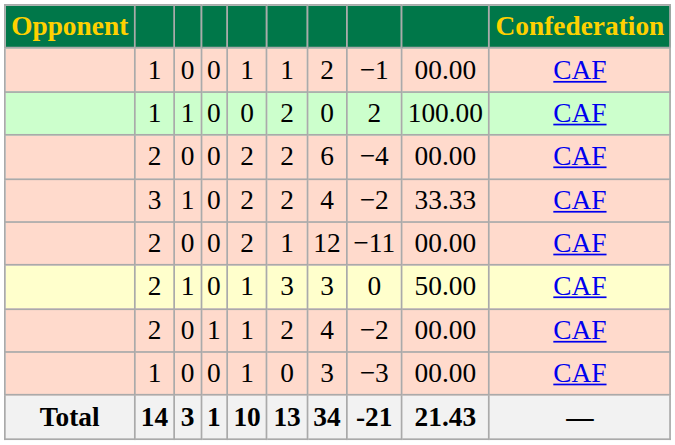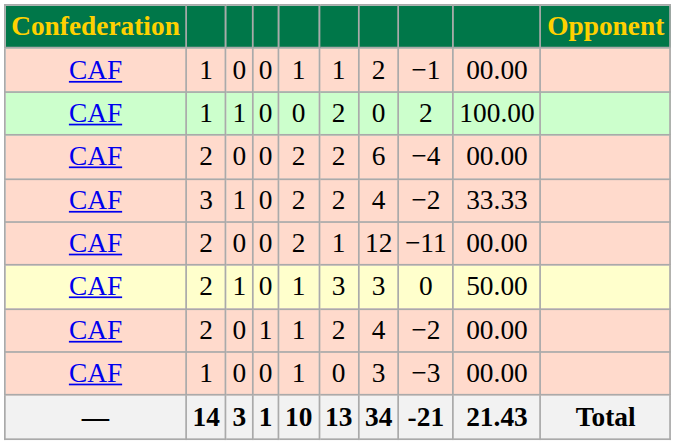 <table class="wikitable sortable" style="text-align:center;">
 <tr style="color:#FFD100">
-<th style="background-color:#007749;color:#FFD100">Opponent</th>
+<th style="background-color:#007749;color:#FFD100">Confederation</th>
 <th style="background-color:#007749;"></th>
 <th style="background-color:#007749;"></th>
 <th style="background-color:#007749;"></th>
 <th style="background-color:#007749;"></th>
 <th style="background-color:#007749;"></th>
 <th style="background-color:#007749;"></th>
 <th style="background-color:#007749;"></th>
 <th style="background-color:#007749;"></th>
-<th style="background-color:#007749;color:#FFD100">Confederation</th>
+<th style="background-color:#007749;color:#FFD100">Opponent</th>
 </tr>
 <tr bgcolor=FFDACC>
-<td style="text-align:left;"></td>
+<td><a href='#'>CAF</a></td>
 <td>1</td>
 <td>0</td>
 <td>0</td>
 <td>1</td>
 <td>1</td>
 <td>2</td>
 <td>−1</td>
 <td>00.00</td>
-<td><a href='#'>CAF</a></td>
+<td style="text-align:left;"></td>
 </tr>
 <tr bgcolor=CCFFCC>
-<td style="text-align:left;"></td>
+<td><a href='#'>CAF</a></td>
 <td>1</td>
 <td>1</td>
 <td>0</td>
 <td>0</td>
 <td>2</td>
 <td>0</td>
 <td>2</td>
 <td>100.00</td>
-<td><a href='#'>CAF</a></td>
+<td style="text-align:left;"></td>
 </tr>
 <tr bgcolor=FFDACC>
-<td style="text-align:left;"></td>
+<td><a href='#'>CAF</a></td>
 <td>2</td>
 <td>0</td>
 <td>0</td>
 <td>2</td>
 <td>2</td>
 <td>6</td>
 <td>−4</td>
 <td>00.00</td>
-<td><a href='#'>CAF</a></td>
+<td style="text-align:left;"></td>
 </tr>
 <tr bgcolor=FFDACC>
-<td style="text-align:left;"></td>
+<td><a href='#'>CAF</a></td>
 <td>3</td>
 <td>1</td>
 <td>0</td>
 <td>2</td>
 <td>2</td>
 <td>4</td>
 <td>−2</td>
 <td>33.33</td>
-<td><a href='#'>CAF</a></td>
+<td style="text-align:left;"></td>
 </tr>
 <tr bgcolor=FFDACC>
-<td style="text-align:left;"></td>
+<td><a href='#'>CAF</a></td>
 <td>2</td>
 <td>0</td>
 <td>0</td>
 <td>2</td>
 <td>1</td>
 <td>12</td>
 <td>−11</td>
 <td>00.00</td>
-<td><a href='#'>CAF</a></td>
+<td style="text-align:left;"></td>
 </tr>
 <tr bgcolor=FFFFCC>
-<td style="text-align:left;"></td>
+<td><a href='#'>CAF</a></td>
 <td>2</td>
 <td>1</td>
 <td>0</td>
 <td>1</td>
 <td>3</td>
 <td>3</td>
 <td>0</td>
 <td>50.00</td>
-<td><a href='#'>CAF</a></td>
+<td style="text-align:left;"></td>
 </tr>
 <tr bgcolor=FFDACC>
-<td style="text-align:left;"></td>
+<td><a href='#'>CAF</a></td>
 <td>2</td>
 <td>0</td>
 <td>1</td>
 <td>1</td>
 <td>2</td>
 <td>4</td>
 <td>−2</td>
 <td>00.00</td>
-<td><a href='#'>CAF</a></td>
+<td style="text-align:left;"></td>
 </tr>
 <tr bgcolor=FFDACC>
-<td style="text-align:left;"></td>
+<td><a href='#'>CAF</a></td>
 <td>1</td>
 <td>0</td>
 <td>0</td>
 <td>1</td>
 <td>0</td>
 <td>3</td>
 <td>−3</td>
 <td>00.00</td>
-<td><a href='#'>CAF</a></td>
+<td style="text-align:left;"></td>
 </tr>
 <tr>
-<th>Total</th>
+<th>—</th>
 <th>14</th>
 <th>3</th>
 <th>1</th>
 <th>10</th>
 <th>13</th>
 <th>34</th>
 <th>-21</th>
 <th>21.43</th>
-<th>—</th>
+<th>Total</th>
 </tr>
 </table>
